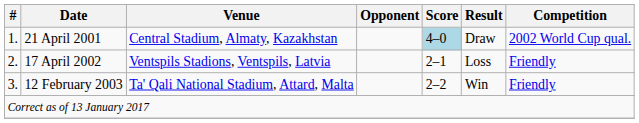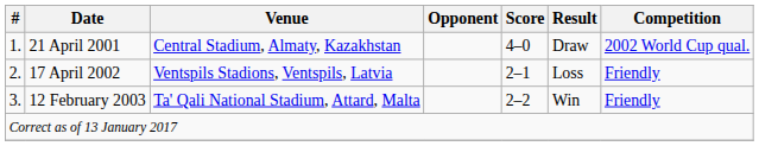 <table class="wikitable" style="font-size:95%;">
 <tr>
 <th>#</th>
 <th>Date</th>
 <th>Venue</th>
 <th>Opponent</th>
 <th>Score</th>
 <th>Result</th>
 <th>Competition</th>
 </tr>
 <tr>
 <td>1.</td>
 <td>21 April 2001</td>
 <td><a href='#'>Central Stadium</a>, <a href='#'>Almaty</a>, <a href='#'>Kazakhstan</a></td>
 <td></td>
-<td style="background: lightblue;">4–0</td>
+<td>4–0</td>
 <td>Draw</td>
 <td><a href='#'>2002 World Cup qual.</a></td>
 </tr>
 <tr>
 <td>2.</td>
 <td>17 April 2002</td>
 <td><a href='#'>Ventspils Stadions</a>, <a href='#'>Ventspils</a>, <a href='#'>Latvia</a></td>
 <td></td>
 <td>2–1</td>
 <td>Loss</td>
 <td><a href='#'>Friendly</a></td>
 </tr>
 <tr>
 <td>3.</td>
 <td>12 February 2003</td>
 <td><a href='#'>Ta' Qali National Stadium</a>, <a href='#'>Attard</a>, <a href='#'>Malta</a></td>
 <td></td>
 <td>2–2</td>
 <td>Win</td>
 <td><a href='#'>Friendly</a></td>
 </tr>
 <tr>
 <td colspan="12"><small><em>Correct as of 13 January 2017</em></small></td>
 </tr>
 <tr>
 </tr>
 </table>
